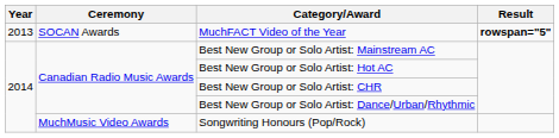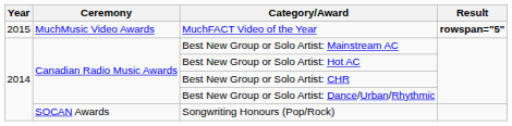 <table class="wikitable">
 <tr>
 <th>Year</th>
 <th>Ceremony</th>
 <th>Category/Award</th>
 <th>Result</th>
 </tr>
 <tr>
-<td>2013</td>
-<td><a href='#'>SOCAN</a> Awards</td>
+<td>2015</td>
+<td><a href='#'>MuchMusic Video Awards</a></td>
 <td><a href='#'>MuchFACT Video of the Year</a></td>
 <td><strong>rowspan="5" </strong></td>
 </tr>
 <tr>
 <td rowspan="5">2014</td>
 <td rowspan="4"><a href='#'>Canadian Radio Music Awards</a></td>
 <td>Best New Group or Solo Artist: <a href='#'>Mainstream AC</a></td>
 </tr>
 <tr>
 <td>Best New Group or Solo Artist: <a href='#'>Hot AC</a></td>
 </tr>
 <tr>
 <td>Best New Group or Solo Artist: <a href='#'>CHR</a></td>
 </tr>
 <tr>
 <td>Best New Group or Solo Artist: <a href='#'>Dance</a>/<a href='#'>Urban</a>/<a href='#'>Rhythmic</a></td>
 </tr>
 <tr>
-<td><a href='#'>MuchMusic Video Awards</a></td>
+<td><a href='#'>SOCAN</a> Awards</td>
 <td>Songwriting Honours (Pop/Rock)</td>
 <td></td>
 </tr>
 </table>
